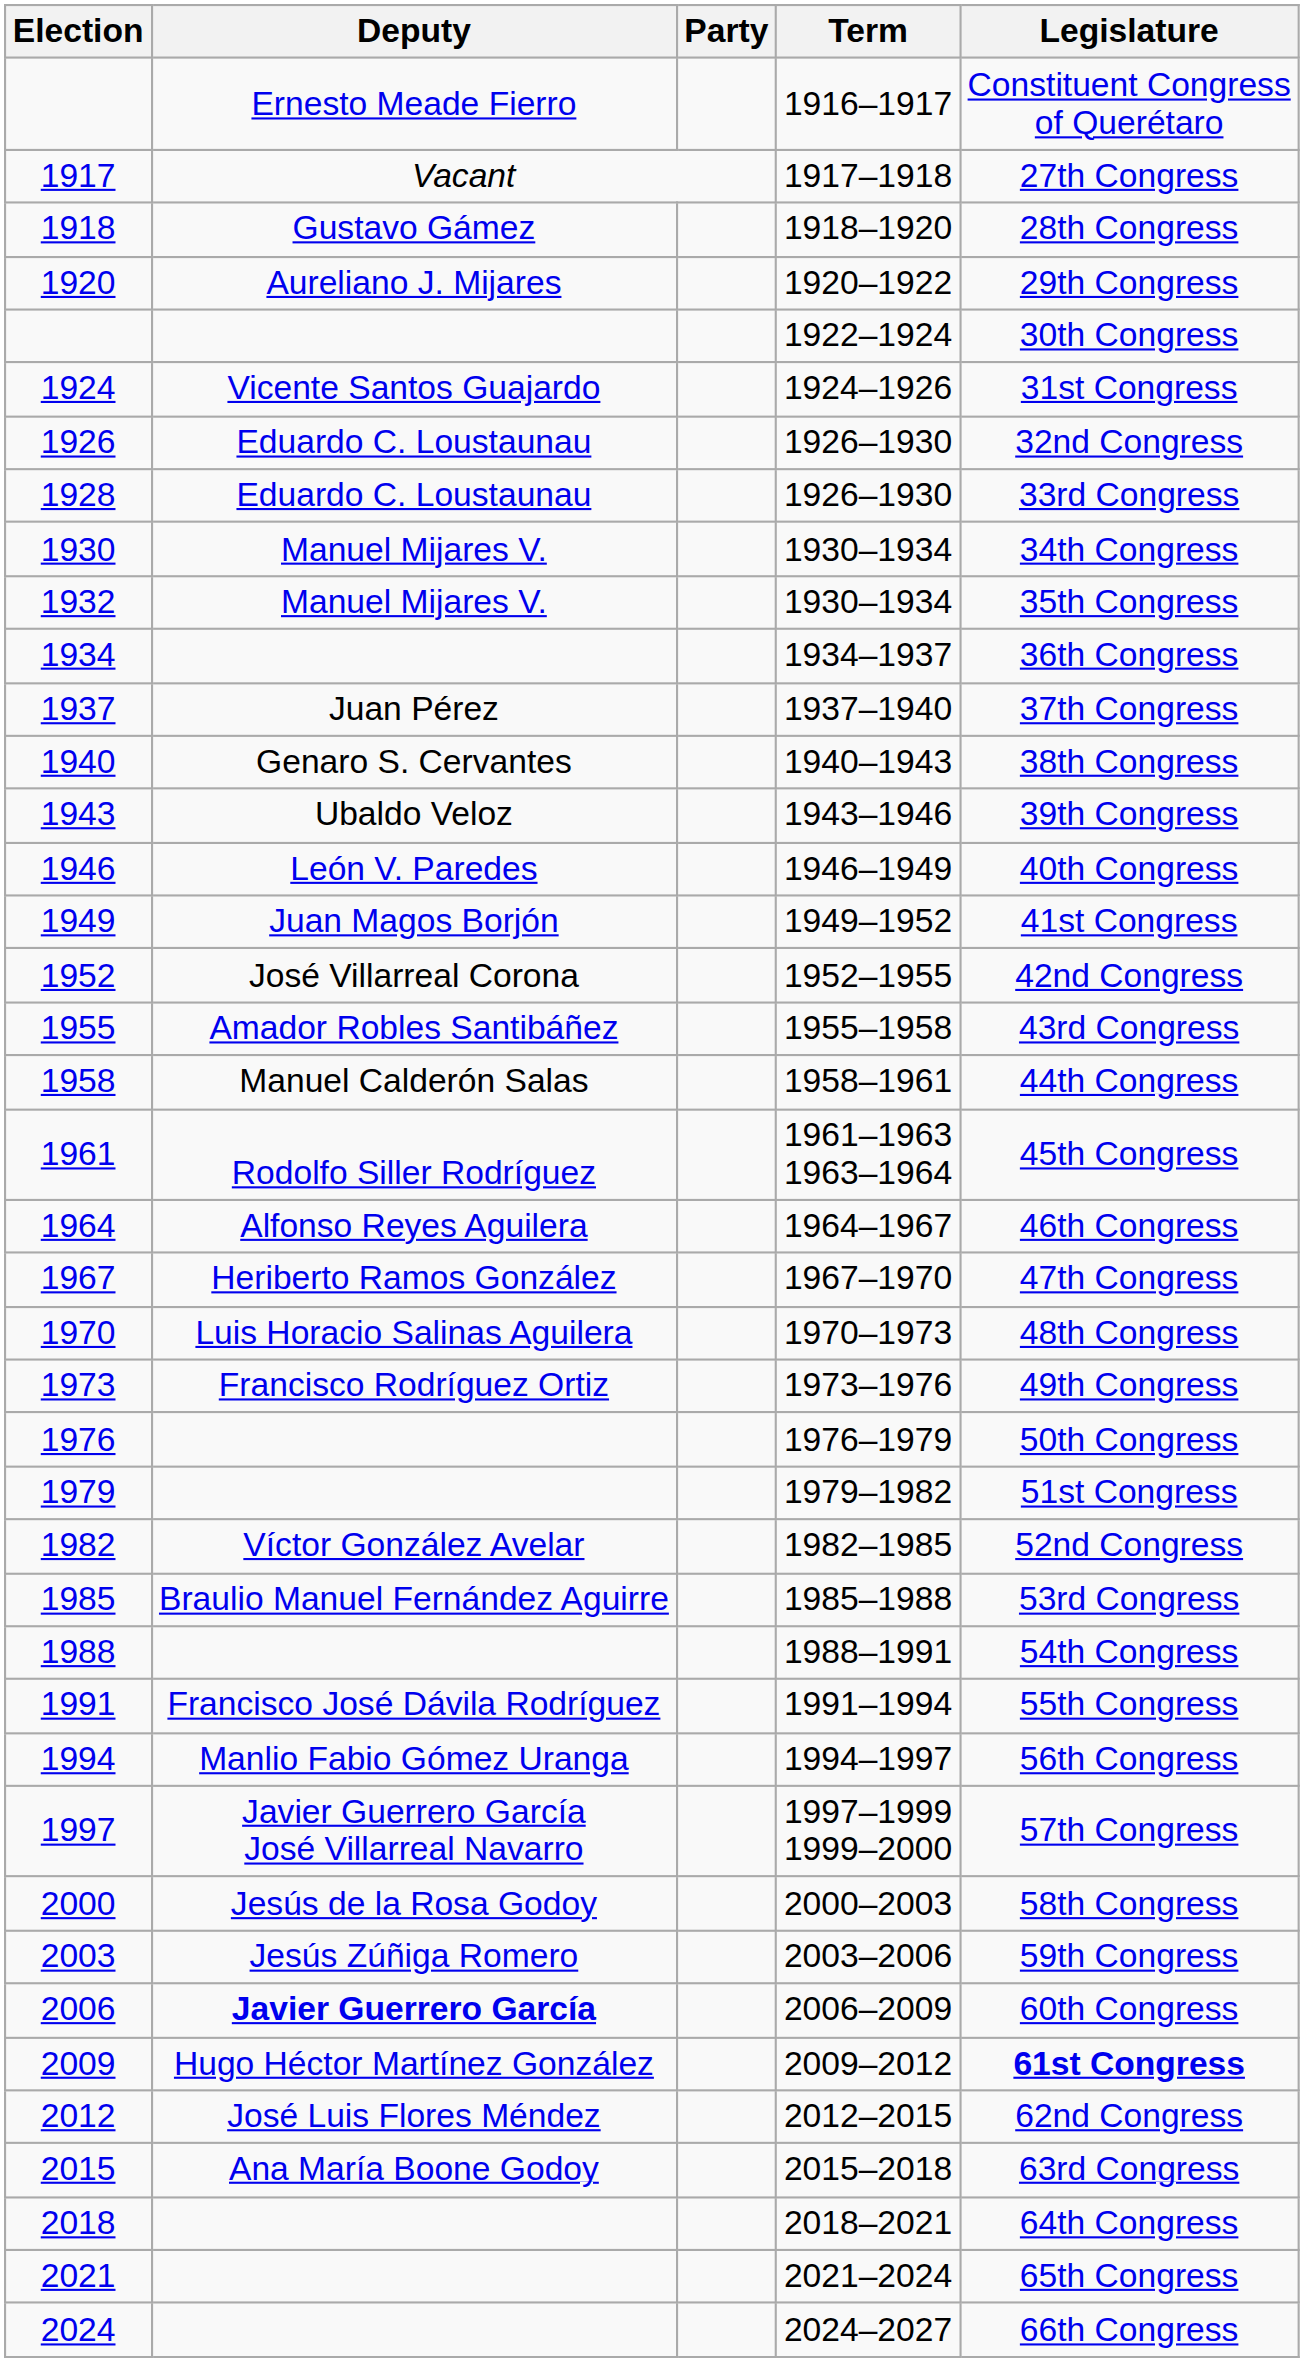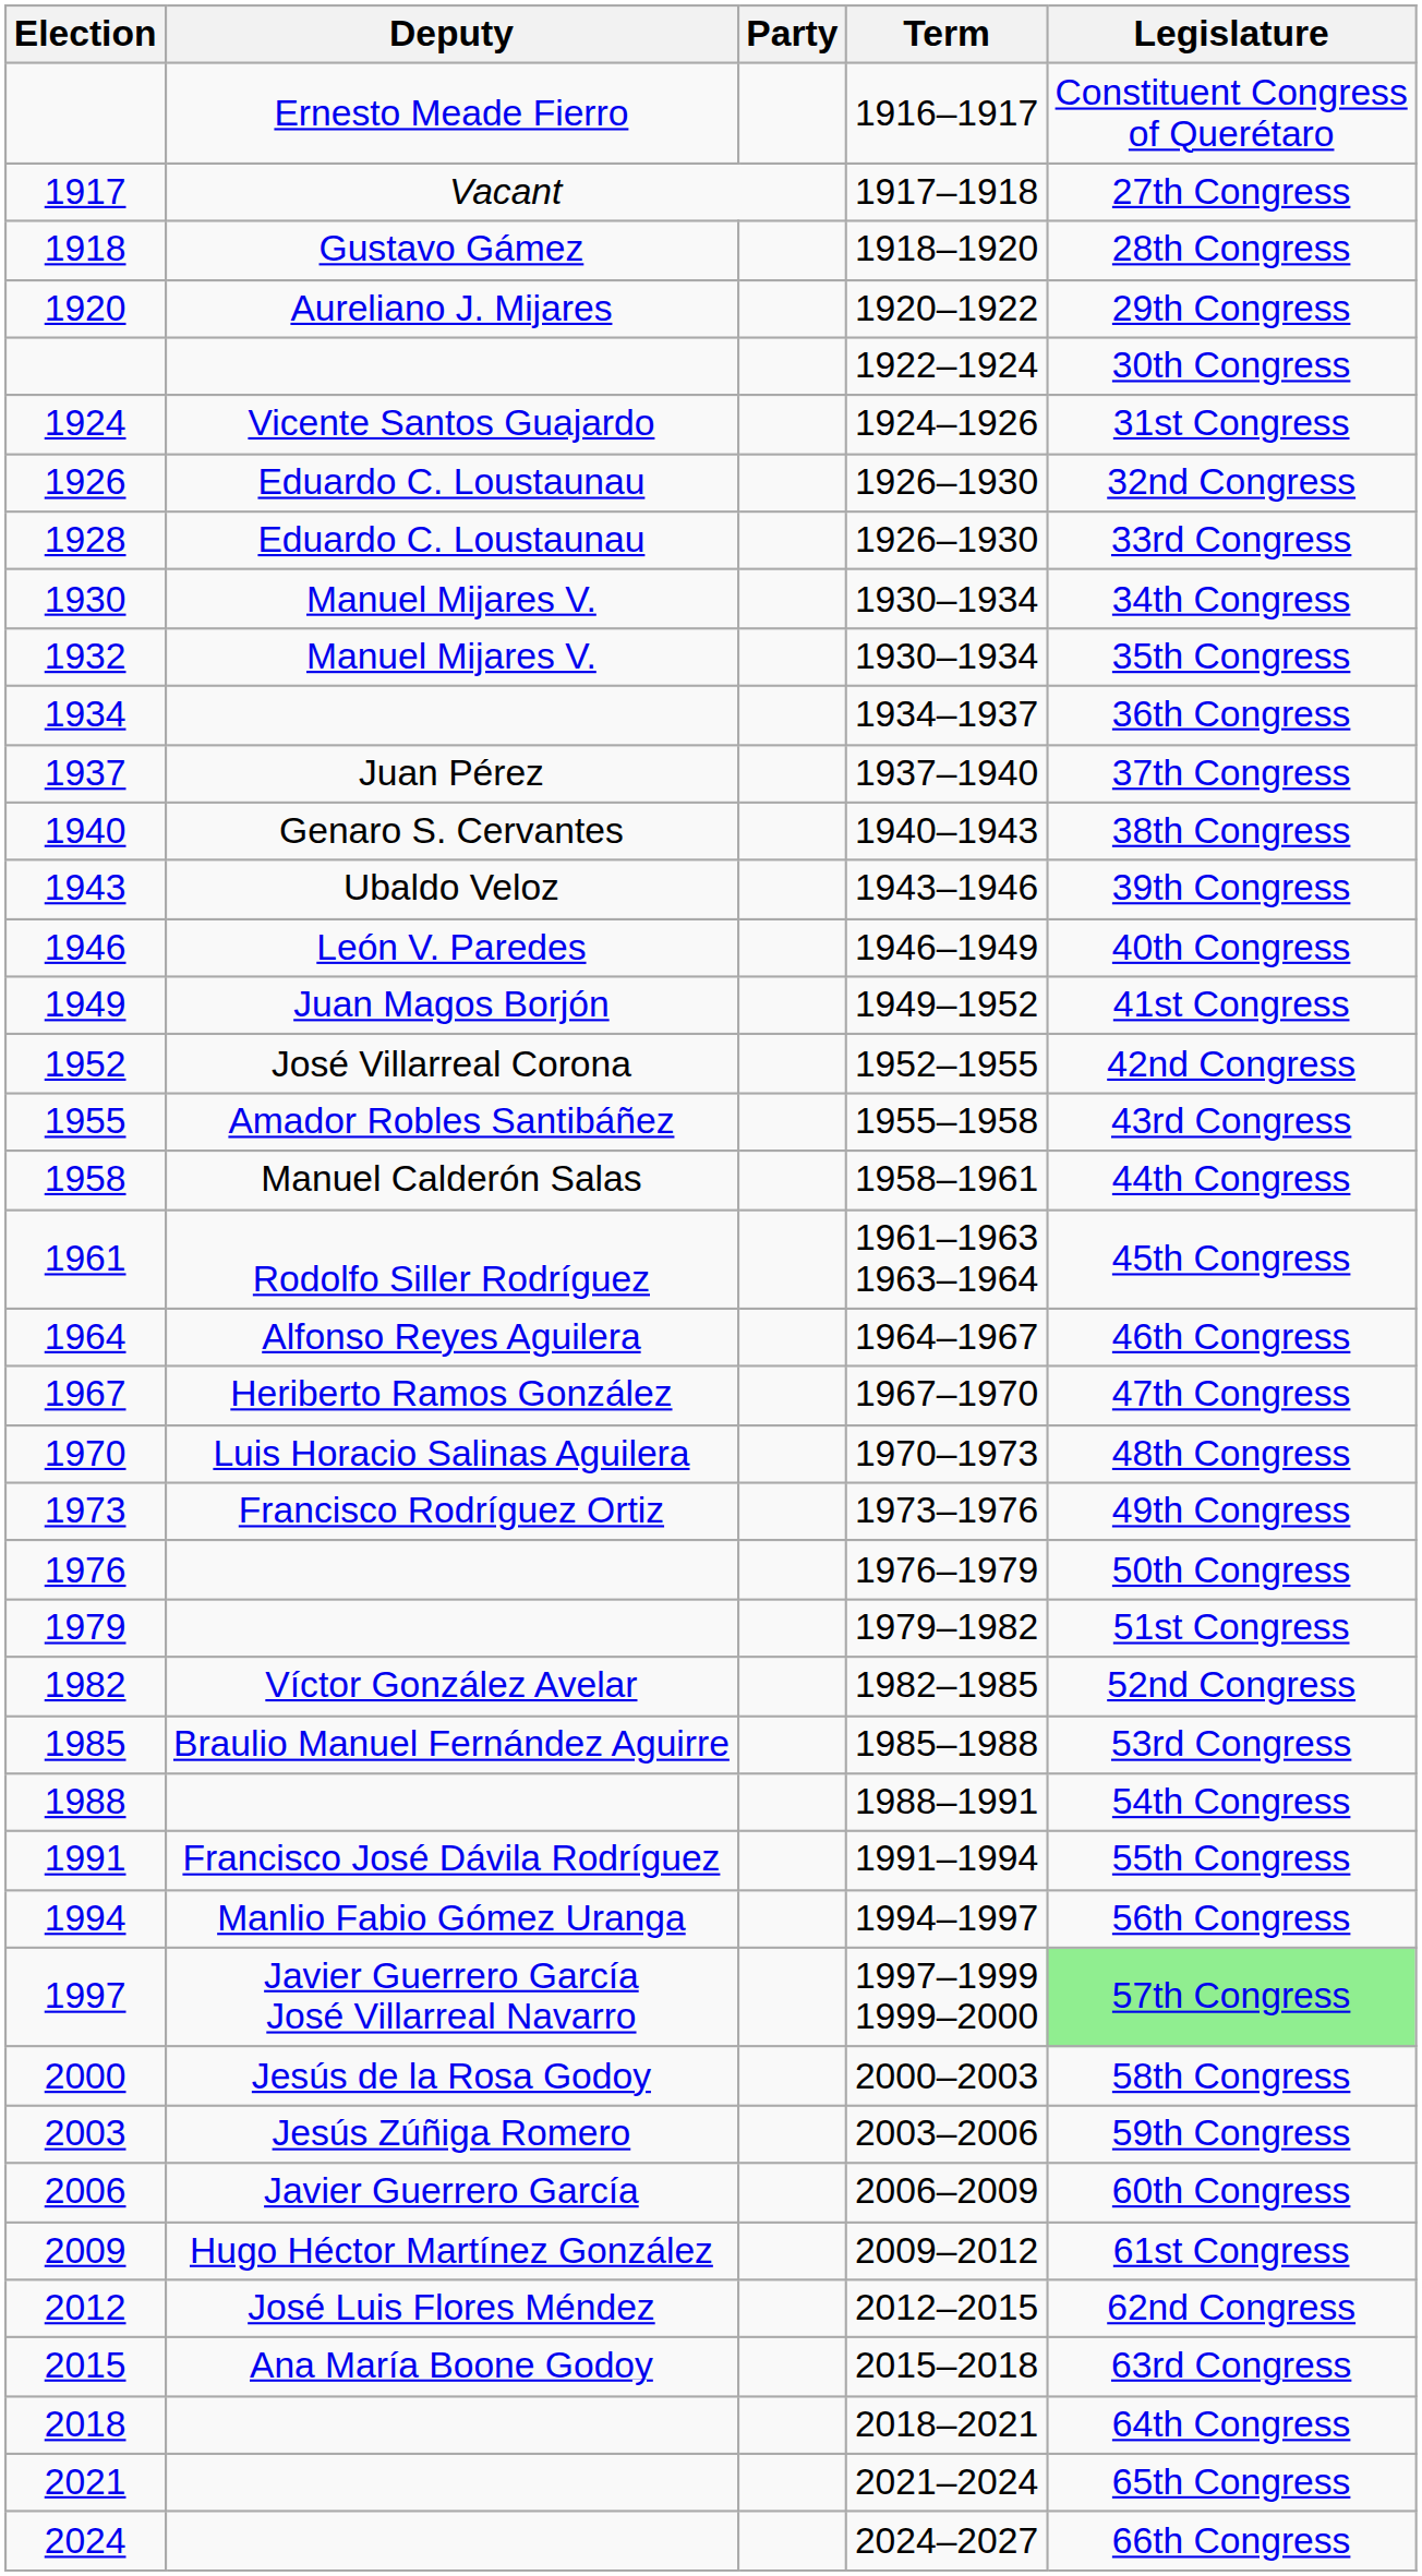 <table class="wikitable sortable" style="text-align: center">
 <tr>
 <th>Election</th>
 <th class="unsortable">Deputy</th>
 <th class="unsortable">Party</th>
 <th class="unsortable">Term</th>
 <th class="unsortable">Legislature</th>
 </tr>
 <tr>
 <td></td>
 <td><a href='#'>Ernesto Meade Fierro</a></td>
 <td></td>
 <td>1916–1917</td>
 <td><a href='#'>Constituent Congress<br>of Querétaro</a></td>
 </tr>
 <tr>
 <td><a href='#'>1917</a></td>
 <td colspan=2><em>Vacant</em></td>
 <td>1917–1918</td>
 <td><a href='#'>27th Congress</a></td>
 </tr>
 <tr>
 <td><a href='#'>1918</a></td>
 <td><a href='#'>Gustavo Gámez</a></td>
 <td></td>
 <td>1918–1920</td>
 <td><a href='#'>28th Congress</a></td>
 </tr>
 <tr>
 <td><a href='#'>1920</a></td>
 <td><a href='#'>Aureliano J. Mijares</a></td>
 <td></td>
 <td>1920–1922</td>
 <td><a href='#'>29th Congress</a></td>
 </tr>
 <tr>
 <td></td>
 <td></td>
 <td></td>
 <td>1922–1924</td>
 <td><a href='#'>30th Congress</a></td>
 </tr>
 <tr>
 <td><a href='#'>1924</a></td>
 <td><a href='#'>Vicente Santos Guajardo</a></td>
 <td></td>
 <td>1924–1926</td>
 <td><a href='#'>31st Congress</a></td>
 </tr>
 <tr>
 <td><a href='#'>1926</a></td>
 <td><a href='#'>Eduardo C. Loustaunau</a></td>
 <td></td>
 <td>1926–1930</td>
 <td><a href='#'>32nd Congress</a></td>
 </tr>
 <tr>
 <td><a href='#'>1928</a></td>
 <td><a href='#'>Eduardo C. Loustaunau</a></td>
 <td></td>
 <td>1926–1930</td>
 <td><a href='#'>33rd Congress</a></td>
 </tr>
 <tr>
 <td><a href='#'>1930</a></td>
 <td><a href='#'>Manuel Mijares V.</a></td>
 <td></td>
 <td>1930–1934</td>
 <td><a href='#'>34th Congress</a></td>
 </tr>
 <tr>
 <td><a href='#'>1932</a></td>
 <td><a href='#'>Manuel Mijares V.</a></td>
 <td></td>
 <td>1930–1934</td>
 <td><a href='#'>35th Congress</a></td>
 </tr>
 <tr>
 <td><a href='#'>1934</a></td>
 <td></td>
 <td></td>
 <td>1934–1937</td>
 <td><a href='#'>36th Congress</a></td>
 </tr>
 <tr>
 <td><a href='#'>1937</a></td>
 <td>Juan Pérez</td>
 <td></td>
 <td>1937–1940</td>
 <td><a href='#'>37th Congress</a></td>
 </tr>
 <tr>
 <td><a href='#'>1940</a></td>
 <td>Genaro S. Cervantes</td>
 <td></td>
 <td>1940–1943</td>
 <td><a href='#'>38th Congress</a></td>
 </tr>
 <tr>
 <td><a href='#'>1943</a></td>
 <td>Ubaldo Veloz</td>
 <td></td>
 <td>1943–1946</td>
 <td><a href='#'>39th Congress</a></td>
 </tr>
 <tr>
 <td><a href='#'>1946</a></td>
 <td><a href='#'>León V. Paredes</a></td>
 <td></td>
 <td>1946–1949</td>
 <td><a href='#'>40th Congress</a></td>
 </tr>
 <tr>
 <td><a href='#'>1949</a></td>
 <td><a href='#'>Juan Magos Borjón</a></td>
 <td></td>
 <td>1949–1952</td>
 <td><a href='#'>41st Congress</a></td>
 </tr>
 <tr>
 <td><a href='#'>1952</a></td>
 <td>José Villarreal Corona</td>
 <td></td>
 <td>1952–1955</td>
 <td><a href='#'>42nd Congress</a></td>
 </tr>
 <tr>
 <td><a href='#'>1955</a></td>
 <td><a href='#'>Amador Robles Santibáñez</a></td>
 <td></td>
 <td>1955–1958</td>
 <td><a href='#'>43rd Congress</a></td>
 </tr>
 <tr>
 <td><a href='#'>1958</a></td>
 <td>Manuel Calderón Salas</td>
 <td></td>
 <td>1958–1961</td>
 <td><a href='#'>44th Congress</a></td>
 </tr>
 <tr>
 <td><a href='#'>1961</a></td>
 <td><br><a href='#'>Rodolfo Siller Rodríguez</a></td>
 <td></td>
 <td>1961–1963<br>1963–1964</td>
 <td><a href='#'>45th Congress</a></td>
 </tr>
 <tr>
 <td><a href='#'>1964</a></td>
 <td><a href='#'>Alfonso Reyes Aguilera</a></td>
 <td></td>
 <td>1964–1967</td>
 <td><a href='#'>46th Congress</a></td>
 </tr>
 <tr>
 <td><a href='#'>1967</a></td>
 <td><a href='#'>Heriberto Ramos González</a></td>
 <td></td>
 <td>1967–1970</td>
 <td><a href='#'>47th Congress</a></td>
 </tr>
 <tr>
 <td><a href='#'>1970</a></td>
 <td><a href='#'>Luis Horacio Salinas Aguilera</a></td>
 <td></td>
 <td>1970–1973</td>
 <td><a href='#'>48th Congress</a></td>
 </tr>
 <tr>
 <td><a href='#'>1973</a></td>
 <td><a href='#'>Francisco Rodríguez Ortiz</a></td>
 <td></td>
 <td>1973–1976</td>
 <td><a href='#'>49th Congress</a></td>
 </tr>
 <tr>
 <td><a href='#'>1976</a></td>
 <td></td>
 <td></td>
 <td>1976–1979</td>
 <td><a href='#'>50th Congress</a></td>
 </tr>
 <tr>
 <td><a href='#'>1979</a></td>
 <td></td>
 <td></td>
 <td>1979–1982</td>
 <td><a href='#'>51st Congress</a></td>
 </tr>
 <tr>
 <td><a href='#'>1982</a></td>
 <td><a href='#'>Víctor González Avelar</a></td>
 <td></td>
 <td>1982–1985</td>
 <td><a href='#'>52nd Congress</a></td>
 </tr>
 <tr>
 <td><a href='#'>1985</a></td>
 <td><a href='#'>Braulio Manuel Fernández Aguirre</a></td>
 <td></td>
 <td>1985–1988</td>
 <td><a href='#'>53rd Congress</a></td>
 </tr>
 <tr>
 <td><a href='#'>1988</a></td>
 <td></td>
 <td></td>
 <td>1988–1991</td>
 <td><a href='#'>54th Congress</a></td>
 </tr>
 <tr>
 <td><a href='#'>1991</a></td>
 <td><a href='#'>Francisco José Dávila Rodríguez</a></td>
 <td></td>
 <td>1991–1994</td>
 <td><a href='#'>55th Congress</a></td>
 </tr>
 <tr>
 <td><a href='#'>1994</a></td>
 <td><a href='#'>Manlio Fabio Gómez Uranga</a></td>
 <td></td>
 <td>1994–1997</td>
 <td><a href='#'>56th Congress</a></td>
 </tr>
 <tr>
 <td><a href='#'>1997</a></td>
 <td><a href='#'>Javier Guerrero García</a><br><a href='#'>José Villarreal Navarro</a></td>
 <td></td>
 <td>1997–1999<br>1999–2000</td>
-<td><a href='#'>57th Congress</a></td>
+<td style="background: lightgreen;"><a href='#'>57th Congress</a></td>
 </tr>
 <tr>
 <td><a href='#'>2000</a></td>
 <td><a href='#'>Jesús de la Rosa Godoy</a></td>
 <td></td>
 <td>2000–2003</td>
 <td><a href='#'>58th Congress</a></td>
 </tr>
 <tr>
 <td><a href='#'>2003</a></td>
 <td><a href='#'>Jesús Zúñiga Romero</a></td>
 <td></td>
 <td>2003–2006</td>
 <td><a href='#'>59th Congress</a></td>
 </tr>
 <tr>
 <td><a href='#'>2006</a></td>
-<td><strong><a href='#'>Javier Guerrero García</a></strong></td>
+<td><a href='#'>Javier Guerrero García</a></td>
 <td></td>
 <td>2006–2009</td>
 <td><a href='#'>60th Congress</a></td>
 </tr>
 <tr>
 <td><a href='#'>2009</a></td>
 <td><a href='#'>Hugo Héctor Martínez González</a></td>
 <td></td>
 <td>2009–2012</td>
-<td><strong><a href='#'>61st Congress</a></strong></td>
+<td><a href='#'>61st Congress</a></td>
 </tr>
 <tr>
 <td><a href='#'>2012</a></td>
 <td><a href='#'>José Luis Flores Méndez</a></td>
 <td></td>
 <td>2012–2015</td>
 <td><a href='#'>62nd Congress</a></td>
 </tr>
 <tr>
 <td><a href='#'>2015</a></td>
 <td><a href='#'>Ana María Boone Godoy</a></td>
 <td></td>
 <td>2015–2018</td>
 <td><a href='#'>63rd Congress</a></td>
 </tr>
 <tr>
 <td><a href='#'>2018</a></td>
 <td></td>
 <td></td>
 <td>2018–2021</td>
 <td><a href='#'>64th Congress</a></td>
 </tr>
 <tr>
 <td><a href='#'>2021</a></td>
 <td></td>
 <td></td>
 <td>2021–2024</td>
 <td><a href='#'>65th Congress</a></td>
 </tr>
 <tr>
 <td><a href='#'>2024</a></td>
 <td></td>
 <td></td>
 <td>2024–2027</td>
 <td><a href='#'>66th Congress</a></td>
 </tr>
 </table>
